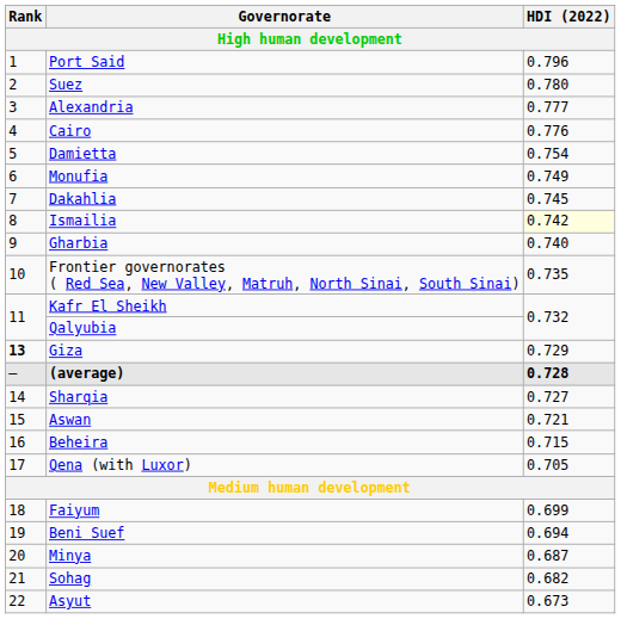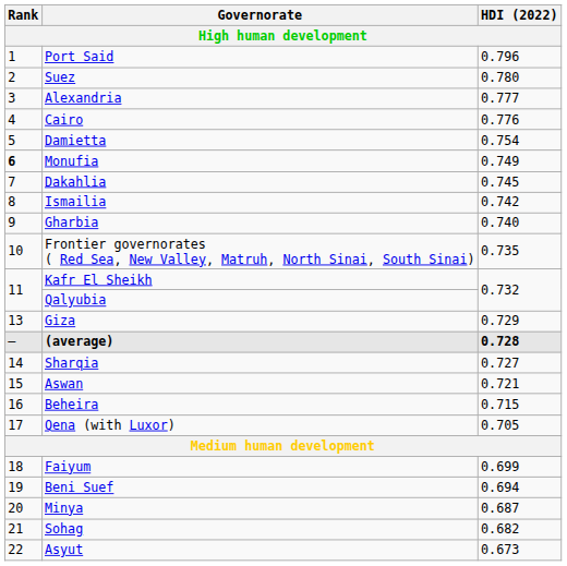 <table class="wikitable sortable">
 <tr>
 <th>Rank</th>
 <th>Governorate</th>
 <th>HDI (2022)</th>
 </tr>
 <tr>
 <th colspan="4" style="color:#0c0;">High human development</th>
 </tr>
 <tr>
 <td>1</td>
 <td> <a href='#'>Port Said</a></td>
 <td>0.796</td>
 </tr>
 <tr>
 <td>2</td>
 <td> <a href='#'>Suez</a></td>
 <td>0.780</td>
 </tr>
 <tr>
 <td>3</td>
 <td> <a href='#'>Alexandria</a></td>
 <td>0.777</td>
 </tr>
 <tr>
 <td>4</td>
 <td> <a href='#'>Cairo</a></td>
 <td>0.776</td>
 </tr>
 <tr>
 <td>5</td>
 <td> <a href='#'>Damietta</a></td>
 <td>0.754</td>
 </tr>
 <tr>
-<td>6</td>
+<td><strong>6</strong></td>
 <td> <a href='#'>Monufia</a></td>
 <td>0.749</td>
 </tr>
 <tr>
 <td>7</td>
 <td> <a href='#'>Dakahlia</a></td>
 <td>0.745</td>
 </tr>
 <tr>
 <td>8</td>
 <td> <a href='#'>Ismailia</a></td>
-<td style="background: lightyellow;">0.742</td>
+<td>0.742</td>
 </tr>
 <tr>
 <td>9</td>
 <td> <a href='#'>Gharbia</a></td>
 <td>0.740</td>
 </tr>
 <tr>
 <td>10</td>
 <td>Frontier governorates <br>( <a href='#'>Red Sea</a>,  <a href='#'>New Valley</a>,  <a href='#'>Matruh</a>,  <a href='#'>North Sinai</a>,  <a href='#'>South Sinai</a>)</td>
 <td>0.735</td>
 </tr>
 <tr>
 <td rowspan="2">11</td>
 <td> <a href='#'>Kafr El Sheikh</a></td>
 <td rowspan="2">0.732</td>
 </tr>
 <tr>
 <td> <a href='#'>Qalyubia</a></td>
 </tr>
 <tr>
-<td><strong>13</strong></td>
+<td>13</td>
 <td> <a href='#'>Giza</a></td>
 <td>0.729</td>
 </tr>
 <tr style="background:#e6e6e6">
 <td>–</td>
 <td><strong>(average)</strong></td>
 <td><strong>0.728</strong></td>
 </tr>
 <tr>
 <td>14</td>
 <td> <a href='#'>Sharqia</a></td>
 <td>0.727</td>
 </tr>
 <tr>
 <td>15</td>
 <td> <a href='#'>Aswan</a></td>
 <td>0.721</td>
 </tr>
 <tr>
 <td>16</td>
 <td> <a href='#'>Beheira</a></td>
 <td>0.715</td>
 </tr>
 <tr>
 <td>17</td>
 <td> <a href='#'>Qena</a> (with  <a href='#'>Luxor</a>)</td>
 <td>0.705</td>
 </tr>
 <tr>
 <th colspan="4" style="color:#fc0;">Medium human development</th>
 </tr>
 <tr>
 <td>18</td>
 <td> <a href='#'>Faiyum</a></td>
 <td>0.699</td>
 </tr>
 <tr>
 <td>19</td>
 <td> <a href='#'>Beni Suef</a></td>
 <td>0.694</td>
 </tr>
 <tr>
 <td>20</td>
 <td> <a href='#'>Minya</a></td>
 <td>0.687</td>
 </tr>
 <tr>
 <td>21</td>
 <td> <a href='#'>Sohag</a></td>
 <td>0.682</td>
 </tr>
 <tr>
 <td>22</td>
 <td> <a href='#'>Asyut</a></td>
 <td>0.673</td>
 </tr>
 </table>
